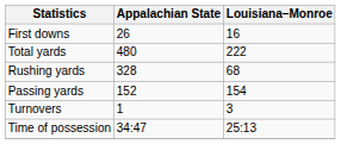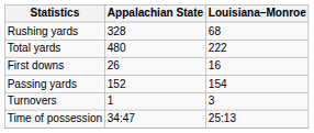 <table class="wikitable">
 <tr>
 <th>Statistics</th>
 <th>Appalachian State</th>
 <th>Louisiana–Monroe</th>
 </tr>
 <tr>
-<td>First downs</td>
-<td>26</td>
-<td>16</td>
+<td>Rushing yards</td>
+<td>328</td>
+<td>68</td>
 </tr>
 <tr>
 <td>Total yards</td>
 <td>480</td>
 <td>222</td>
 </tr>
 <tr>
-<td>Rushing yards</td>
-<td>328</td>
-<td>68</td>
+<td>First downs</td>
+<td>26</td>
+<td>16</td>
 </tr>
 <tr>
 <td>Passing yards</td>
 <td>152</td>
 <td>154</td>
 </tr>
 <tr>
 <td>Turnovers</td>
 <td>1</td>
 <td>3</td>
 </tr>
 <tr>
 <td>Time of possession</td>
 <td>34:47</td>
 <td>25:13</td>
 </tr>
 <tr>
 </tr>
 </table>
